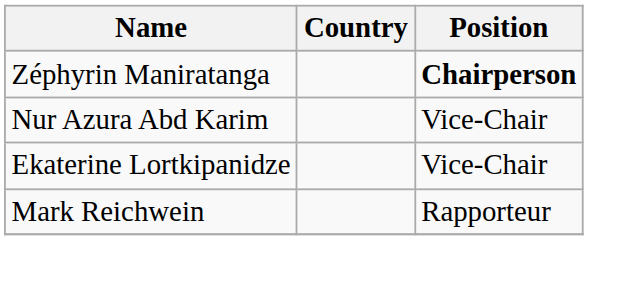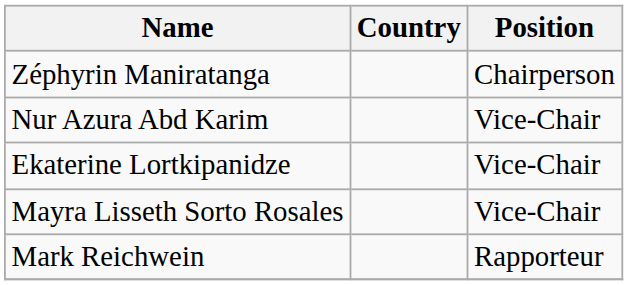 <table class="wikitable" style="display: inline-table;">
 <tr>
 <th>Name</th>
 <th>Country</th>
 <th>Position</th>
 </tr>
 <tr>
 <td>Zéphyrin Maniratanga</td>
 <td></td>
-<td><strong>Chairperson</strong></td>
+<td>Chairperson</td>
 </tr>
 <tr>
 <td>Nur Azura Abd Karim</td>
 <td></td>
 <td>Vice-Chair</td>
 </tr>
 <tr>
 <td>Ekaterine Lortkipanidze</td>
 <td></td>
 <td>Vice-Chair</td>
 </tr>
 <tr>
+<td>Mayra Lisseth Sorto Rosales</td>
+<td></td>
+<td>Vice-Chair</td>
+</tr>
+<tr>
 <td>Mark Reichwein</td>
 <td></td>
 <td>Rapporteur</td>
 </tr>
 <tr>
 </tr>
 </table>
